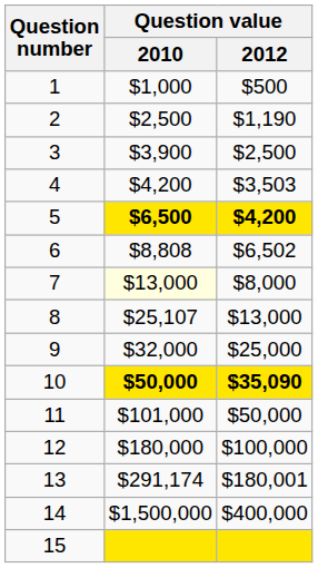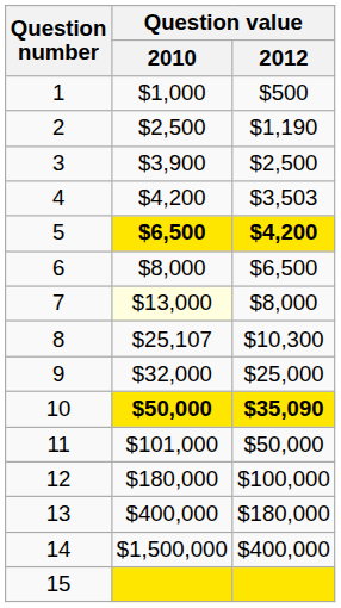 <table class="wikitable" style="text-align:center; border:1px;; cellpadding:2; cellspacing:0; width:25%;">
 <tr>
 <th rowspan="2" style="width: 30%">Question number</th>
 <th colspan="2">Question value</th>
 </tr>
 <tr>
 <th>2010</th>
 <th>2012</th>
 </tr>
 <tr>
 <td>1</td>
 <td>$1,000</td>
 <td>$500</td>
 </tr>
 <tr>
 <td>2</td>
 <td>$2,500</td>
 <td>$1,190</td>
 </tr>
 <tr>
 <td>3</td>
 <td>$3,900</td>
 <td>$2,500</td>
 </tr>
 <tr>
 <td>4</td>
 <td>$4,200</td>
 <td>$3,503</td>
 </tr>
 <tr>
 <td>5</td>
 <td style="background: #FFE600"><strong>$6,500</strong></td>
 <td style="background: #FFE600"><strong>$4,200</strong></td>
 </tr>
 <tr>
 <td>6</td>
-<td>$8,808</td>
-<td>$6,502</td>
+<td>$8,000</td>
+<td>$6,500</td>
 </tr>
 <tr>
 <td>7</td>
 <td style="background: lightyellow;">$13,000</td>
 <td>$8,000</td>
 </tr>
 <tr>
 <td>8</td>
 <td>$25,107</td>
-<td>$13,000</td>
+<td>$10,300</td>
 </tr>
 <tr>
 <td>9</td>
 <td>$32,000</td>
 <td>$25,000</td>
 </tr>
 <tr>
 <td>10</td>
 <td style="background: #FFE600"><strong>$50,000</strong></td>
 <td style="background: #FFE600"><strong>$35,090</strong></td>
 </tr>
 <tr>
 <td>11</td>
 <td>$101,000</td>
 <td>$50,000</td>
 </tr>
 <tr>
 <td>12</td>
 <td>$180,000</td>
 <td>$100,000</td>
 </tr>
 <tr>
 <td>13</td>
-<td>$291,174</td>
-<td>$180,001</td>
+<td>$400,000</td>
+<td>$180,000</td>
 </tr>
 <tr>
 <td>14</td>
 <td>$1,500,000</td>
 <td>$400,000</td>
 </tr>
 <tr>
 <td>15</td>
 <td style="background: #FFE600"><strong></strong></td>
 <td style="background: #FFE600"><strong></strong></td>
 </tr>
 </table>
